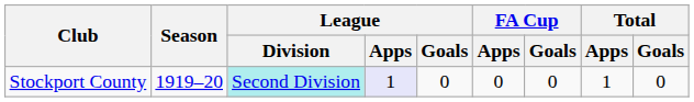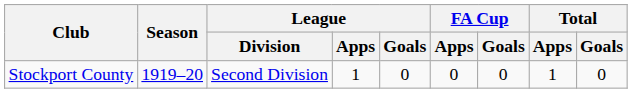 <table class="wikitable" style="text-align:center">
 <tr>
 <th rowspan="2">Club</th>
 <th rowspan="2">Season</th>
 <th colspan="3">League</th>
 <th colspan="2"><a href='#'>FA Cup</a></th>
 <th colspan="2">Total</th>
 </tr>
 <tr>
 <th>Division</th>
 <th>Apps</th>
 <th>Goals</th>
 <th>Apps</th>
 <th>Goals</th>
 <th>Apps</th>
 <th>Goals</th>
 </tr>
 <tr>
 <td><a href='#'>Stockport County</a></td>
 <td><a href='#'>1919–20</a></td>
-<td style="background: paleturquoise;"><a href='#'>Second Division</a></td>
-<td style="background: lavender;">1</td>
+<td><a href='#'>Second Division</a></td>
+<td>1</td>
 <td>0</td>
 <td>0</td>
 <td>0</td>
 <td>1</td>
 <td>0</td>
 </tr>
 </table>
